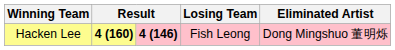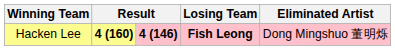 <table class="wikitable" style="text-align: center;">
 <tr>
 <th>Winning Team</th>
 <th colspan=2>Result</th>
 <th>Losing Team</th>
 <th>Eliminated Artist</th>
 </tr>
 <tr>
 <td style="background:#fdfc8f;">Hacken Lee</td>
 <td style="background:#fdfc8f;"><strong>4 (160)</strong></td>
 <td style="background:pink;"><strong>4 (146)</strong></td>
-<td style="background:pink;">Fish Leong</td>
+<td style="background:pink;"><strong>Fish Leong</strong></td>
 <td style="background:pink;">Dong Mingshuo 董明烁</td>
 </tr>
 </table>
